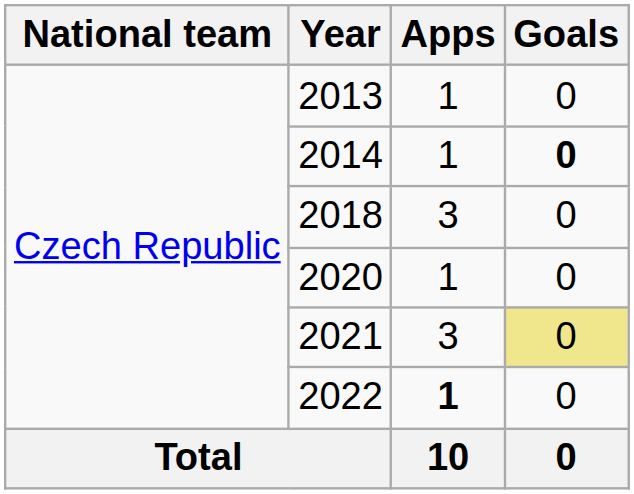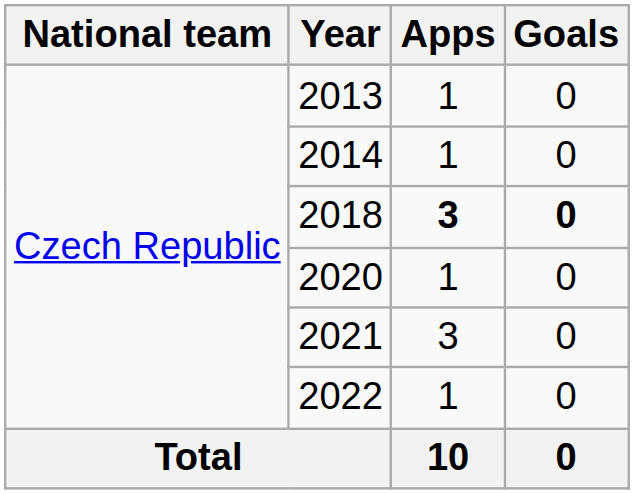 <table class="wikitable" style="text-align:center">
 <tr>
 <th>National team</th>
 <th>Year</th>
 <th>Apps</th>
 <th>Goals</th>
 </tr>
 <tr>
 <td rowspan="6"><a href='#'>Czech Republic</a></td>
 <td>2013</td>
 <td>1</td>
 <td>0</td>
 </tr>
 <tr>
 <td>2014</td>
 <td>1</td>
-<td><strong>0</strong></td>
+<td>0</td>
 </tr>
 <tr>
 <td>2018</td>
-<td>3</td>
-<td>0</td>
+<td><strong>3</strong></td>
+<td><strong>0</strong></td>
 </tr>
 <tr>
 <td>2020</td>
 <td>1</td>
 <td>0</td>
 </tr>
 <tr>
 <td>2021</td>
 <td>3</td>
-<td style="background: khaki;">0</td>
+<td>0</td>
 </tr>
 <tr>
 <td>2022</td>
-<td><strong>1</strong></td>
+<td>1</td>
 <td>0</td>
 </tr>
 <tr>
 <th colspan="2">Total</th>
 <th>10</th>
 <th>0</th>
 </tr>
 </table>
